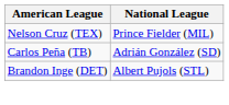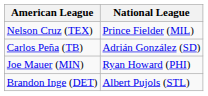 <table class="wikitable" style="font-style:90%;">
 <tr>
 <th>American League</th>
 <th>National League</th>
 </tr>
 <tr>
 <td><a href='#'>Nelson Cruz</a> (<a href='#'>TEX</a>)</td>
 <td><a href='#'>Prince Fielder</a> (<a href='#'>MIL</a>)</td>
 </tr>
 <tr>
 <td><a href='#'>Carlos Peña</a> (<a href='#'>TB</a>)</td>
 <td><a href='#'>Adrián González</a> (<a href='#'>SD</a>)</td>
 </tr>
 <tr>
+<td><a href='#'>Joe Mauer</a> (<a href='#'>MIN</a>)</td>
+<td><a href='#'>Ryan Howard</a> (<a href='#'>PHI</a>)</td>
+</tr>
+<tr>
 <td><a href='#'>Brandon Inge</a> (<a href='#'>DET</a>)</td>
 <td><a href='#'>Albert Pujols</a> (<a href='#'>STL</a>)</td>
 </tr>
 </table>
